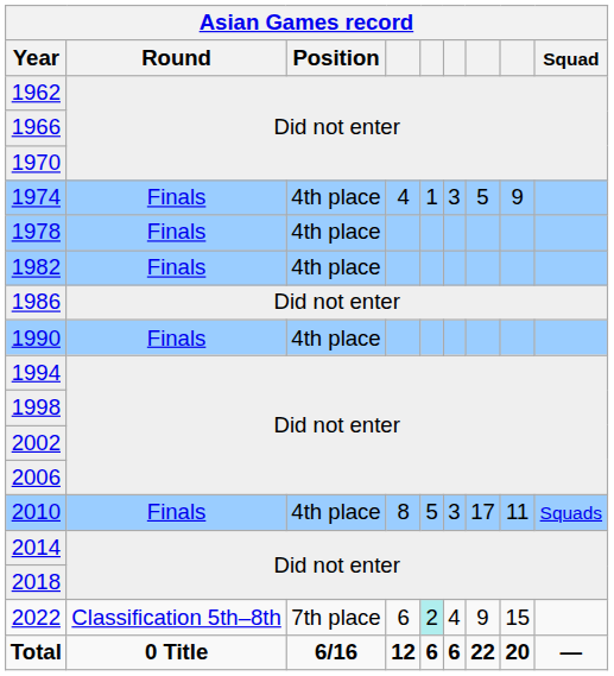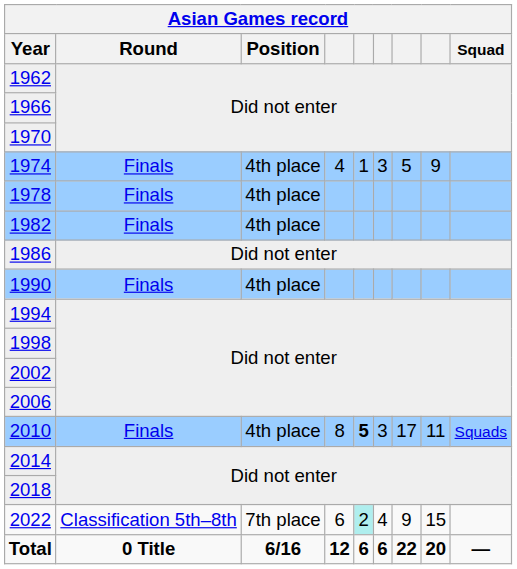 <table class="wikitable" style="text-align: center;">
 <tr>
 <th colspan=9><a href='#'>Asian Games record</a></th>
 </tr>
 <tr>
 <th>Year</th>
 <th>Round</th>
 <th>Position</th>
 <th></th>
 <th></th>
 <th></th>
 <th></th>
 <th></th>
 <th><small>Squad</small></th>
 </tr>
 <tr bgcolor="efefef">
 <td> <a href='#'>1962</a></td>
 <td colspan=8 rowspan=3 align=center>Did not enter</td>
 </tr>
 <tr bgcolor="efefef">
 <td> <a href='#'>1966</a></td>
 </tr>
 <tr bgcolor="efefef">
 <td> <a href='#'>1970</a></td>
 </tr>
 <tr bgcolor="9acdff">
 <td> <a href='#'>1974</a></td>
 <td><a href='#'>Finals</a></td>
 <td>4th place</td>
 <td>4</td>
 <td>1</td>
 <td>3</td>
 <td>5</td>
 <td>9</td>
 <td></td>
 </tr>
 <tr bgcolor="9acdff">
 <td> <a href='#'>1978</a></td>
 <td><a href='#'>Finals</a></td>
 <td>4th place</td>
 <td></td>
 <td></td>
 <td></td>
 <td></td>
 <td></td>
 <td></td>
 </tr>
 <tr bgcolor="9acdff">
 <td> <a href='#'>1982</a></td>
 <td><a href='#'>Finals</a></td>
 <td>4th place</td>
 <td></td>
 <td></td>
 <td></td>
 <td></td>
 <td></td>
 <td></td>
 </tr>
 <tr bgcolor="efefef">
 <td> <a href='#'>1986</a></td>
 <td colspan=8 align=center>Did not enter</td>
 </tr>
 <tr bgcolor="9acdff">
 <td> <a href='#'>1990</a></td>
 <td><a href='#'>Finals</a></td>
 <td>4th place</td>
 <td></td>
 <td></td>
 <td></td>
 <td></td>
 <td></td>
 <td></td>
 </tr>
 <tr bgcolor="efefef">
 <td> <a href='#'>1994</a></td>
 <td colspan=8 rowspan=4 align=center>Did not enter</td>
 </tr>
 <tr bgcolor="efefef">
 <td> <a href='#'>1998</a></td>
 </tr>
 <tr bgcolor="efefef">
 <td> <a href='#'>2002</a></td>
 </tr>
 <tr bgcolor="efefef">
 <td> <a href='#'>2006</a></td>
 </tr>
 <tr bgcolor="9acdff">
 <td> <a href='#'>2010</a></td>
 <td><a href='#'>Finals</a></td>
 <td>4th place</td>
 <td>8</td>
-<td>5</td>
+<td><strong>5</strong></td>
 <td>3</td>
 <td>17</td>
 <td>11</td>
 <td><small><a href='#'>Squads</a></small></td>
 </tr>
 <tr bgcolor="efefef">
 <td> <a href='#'>2014</a></td>
 <td colspan=8 rowspan=2 align=center>Did not enter</td>
 </tr>
 <tr bgcolor="efefef">
 <td> <a href='#'>2018</a></td>
 </tr>
 <tr>
 <td> <a href='#'>2022</a></td>
 <td><a href='#'>Classification 5th–8th</a></td>
 <td>7th place</td>
 <td>6</td>
 <td style="background: paleturquoise;">2</td>
 <td>4</td>
 <td>9</td>
 <td>15</td>
 <td></td>
 </tr>
 <tr>
 <td colspan=1><strong>Total</strong></td>
 <td><strong>0 Title</strong></td>
 <td><strong>6/16</strong></td>
 <td><strong>12</strong></td>
 <td><strong>6</strong></td>
 <td><strong>6</strong></td>
 <td><strong>22</strong></td>
 <td><strong>20</strong></td>
 <td><strong>—</strong></td>
 </tr>
 </table>
